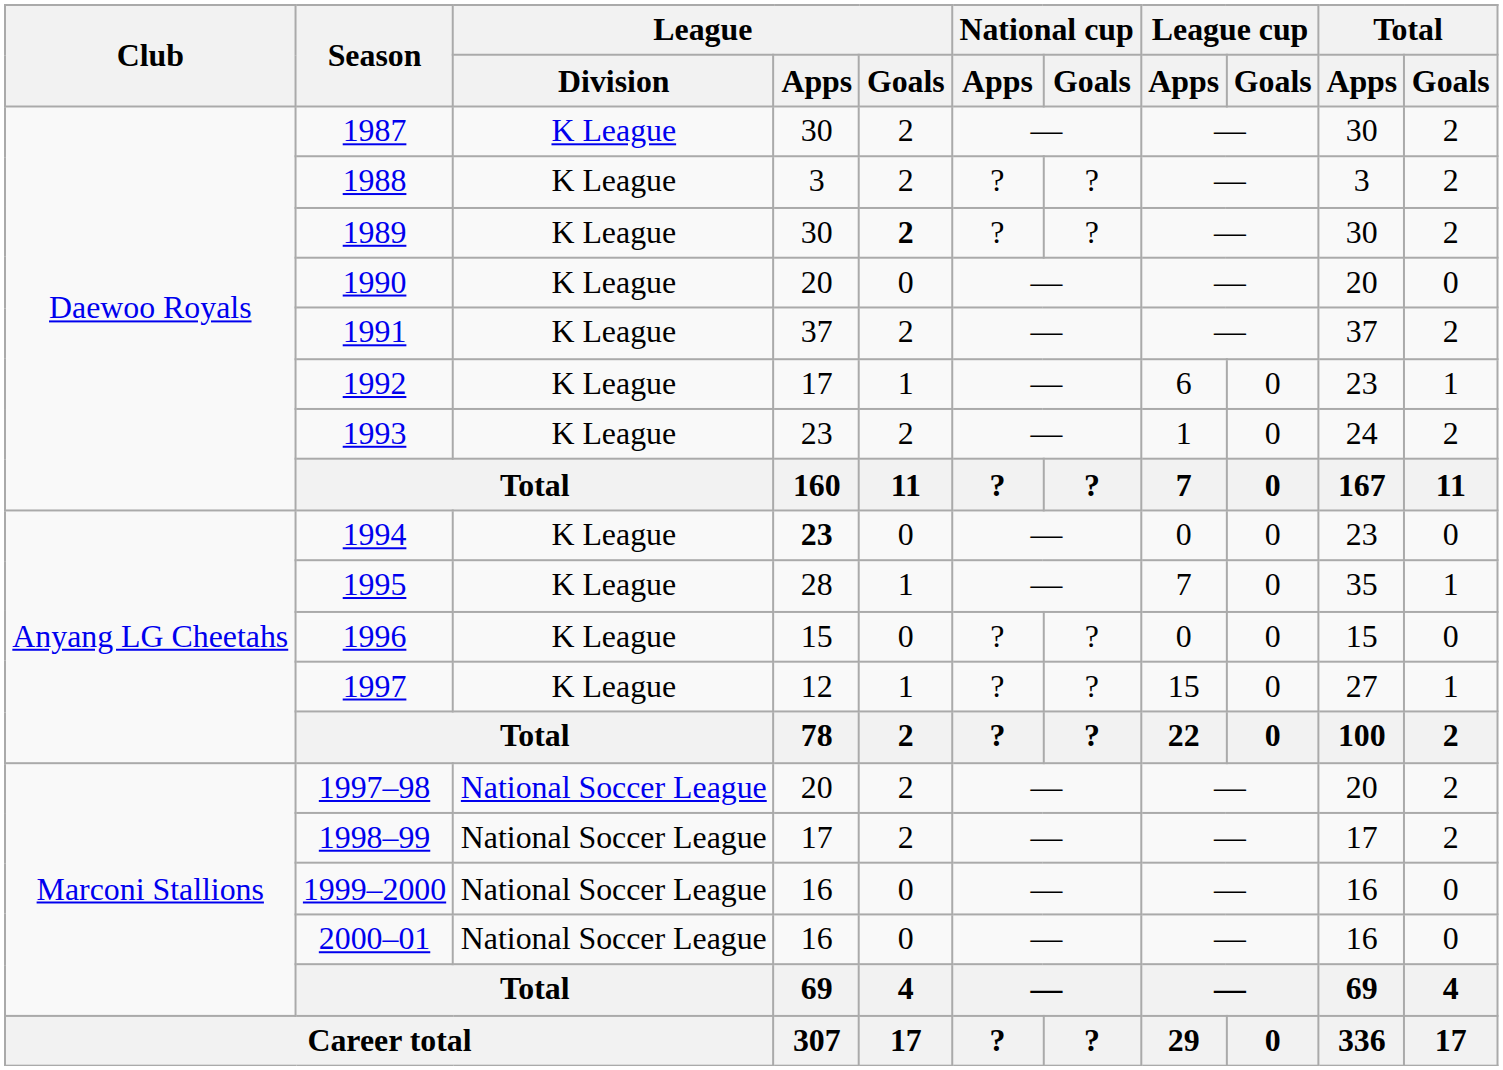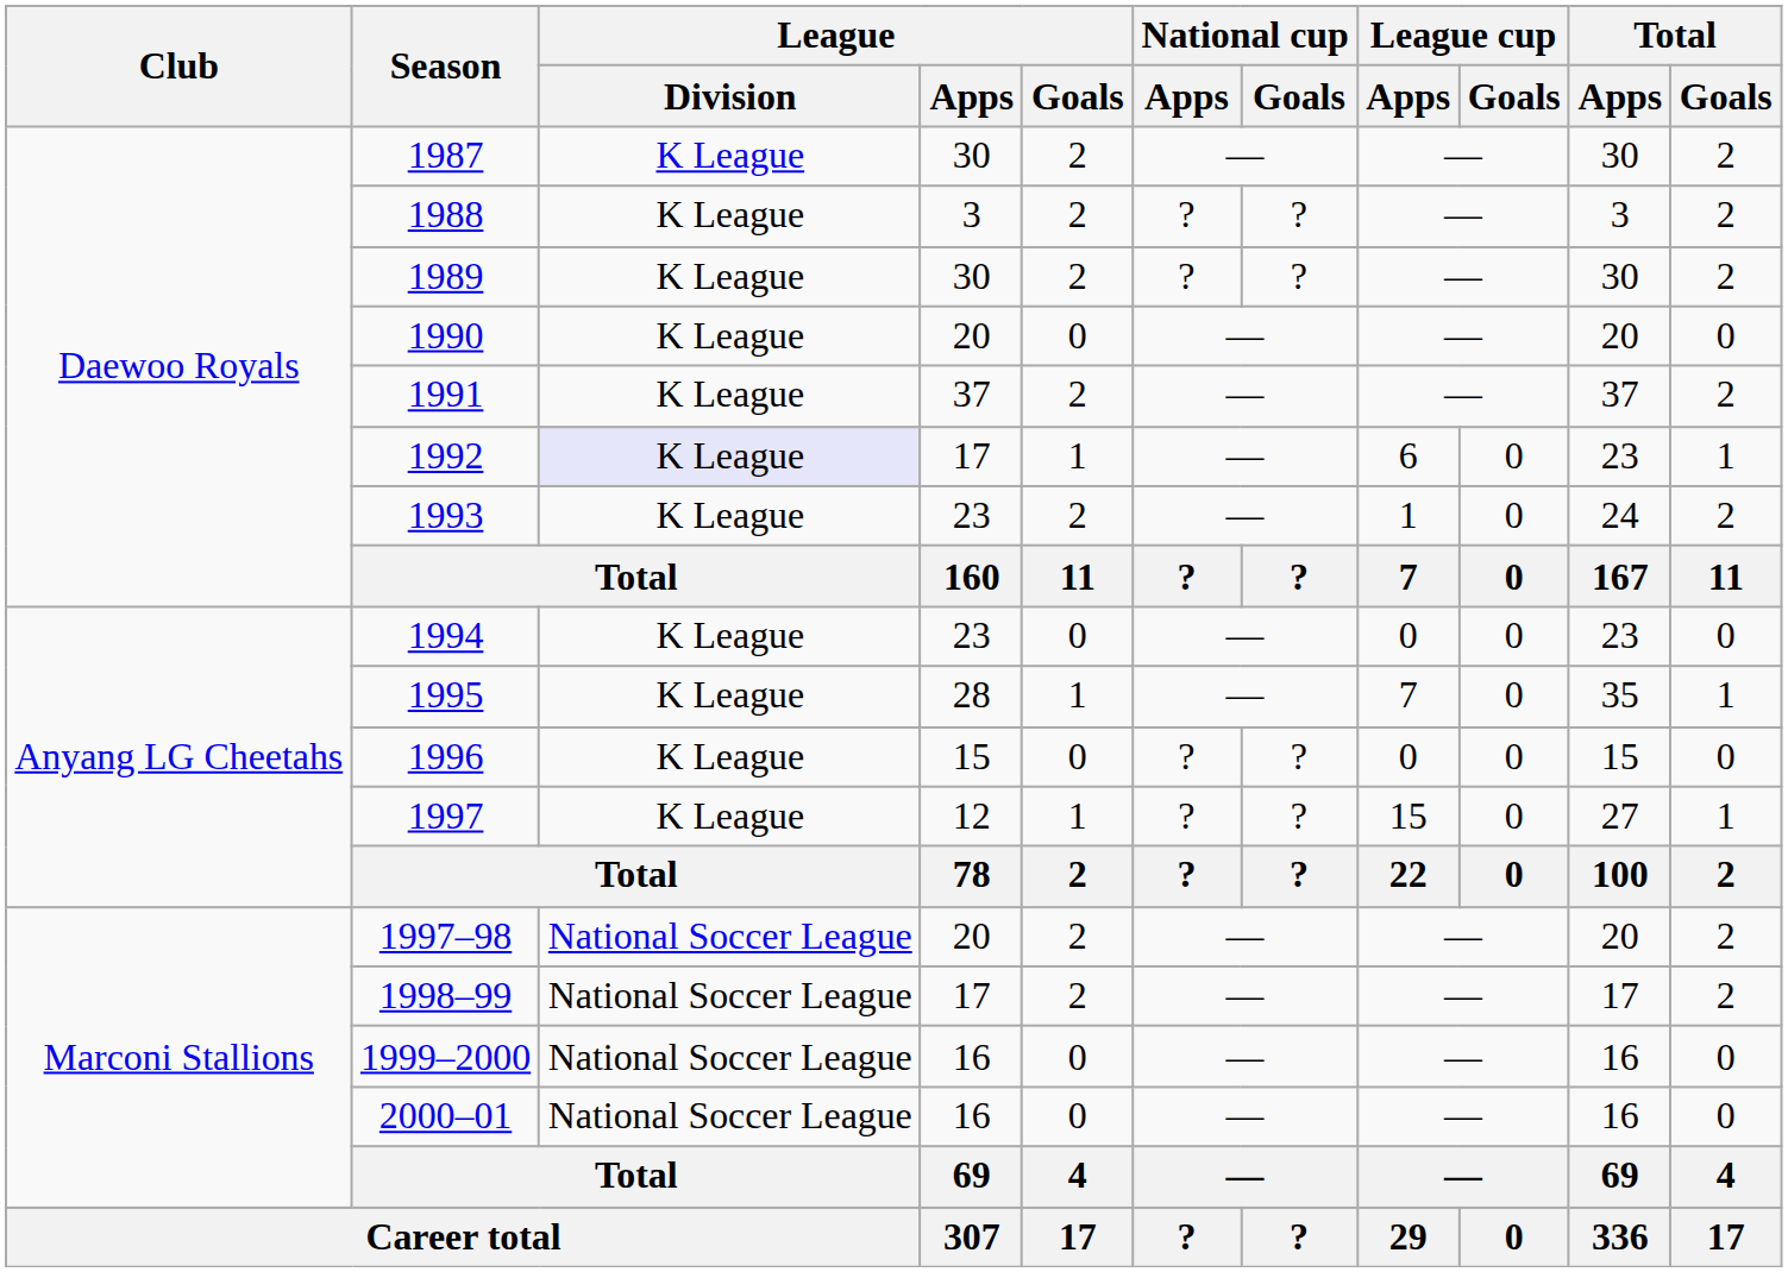 <table class="wikitable" style="text-align:center">
 <tr>
 <th rowspan=2>Club</th>
 <th rowspan=2>Season</th>
 <th colspan=3>League</th>
 <th colspan=2>National cup</th>
 <th colspan=2>League cup</th>
 <th colspan=2>Total</th>
 </tr>
 <tr>
 <th>Division</th>
 <th>Apps</th>
 <th>Goals</th>
 <th>Apps</th>
 <th>Goals</th>
 <th>Apps</th>
 <th>Goals</th>
 <th>Apps</th>
 <th>Goals</th>
 </tr>
 <tr>
 <td rowspan="8"><a href='#'>Daewoo Royals</a></td>
 <td><a href='#'>1987</a></td>
 <td><a href='#'>K League</a></td>
 <td>30</td>
 <td>2</td>
 <td colspan="2">—</td>
 <td colspan="2">—</td>
 <td>30</td>
 <td>2</td>
 </tr>
 <tr>
 <td><a href='#'>1988</a></td>
 <td>K League</td>
 <td>3</td>
 <td>2</td>
 <td>?</td>
 <td>?</td>
 <td colspan="2">—</td>
 <td>3</td>
 <td>2</td>
 </tr>
 <tr>
 <td><a href='#'>1989</a></td>
 <td>K League</td>
 <td>30</td>
-<td><strong>2</strong></td>
+<td>2</td>
 <td>?</td>
 <td>?</td>
 <td colspan="2">—</td>
 <td>30</td>
 <td>2</td>
 </tr>
 <tr>
 <td><a href='#'>1990</a></td>
 <td>K League</td>
 <td>20</td>
 <td>0</td>
 <td colspan="2">—</td>
 <td colspan="2">—</td>
 <td>20</td>
 <td>0</td>
 </tr>
 <tr>
 <td><a href='#'>1991</a></td>
 <td>K League</td>
 <td>37</td>
 <td>2</td>
 <td colspan="2">—</td>
 <td colspan="2">—</td>
 <td>37</td>
 <td>2</td>
 </tr>
 <tr>
 <td><a href='#'>1992</a></td>
-<td>K League</td>
+<td style="background: lavender;">K League</td>
 <td>17</td>
 <td>1</td>
 <td colspan="2">—</td>
 <td>6</td>
 <td>0</td>
 <td>23</td>
 <td>1</td>
 </tr>
 <tr>
 <td><a href='#'>1993</a></td>
 <td>K League</td>
 <td>23</td>
 <td>2</td>
 <td colspan="2">—</td>
 <td>1</td>
 <td>0</td>
 <td>24</td>
 <td>2</td>
 </tr>
 <tr>
 <th colspan=2>Total</th>
 <th>160</th>
 <th>11</th>
 <th>?</th>
 <th>?</th>
 <th>7</th>
 <th>0</th>
 <th>167</th>
 <th>11</th>
 </tr>
 <tr>
 <td rowspan="5"><a href='#'>Anyang LG Cheetahs</a></td>
 <td><a href='#'>1994</a></td>
 <td>K League</td>
-<td><strong>23</strong></td>
+<td>23</td>
 <td>0</td>
 <td colspan="2">—</td>
 <td>0</td>
 <td>0</td>
 <td>23</td>
 <td>0</td>
 </tr>
 <tr>
 <td><a href='#'>1995</a></td>
 <td>K League</td>
 <td>28</td>
 <td>1</td>
 <td colspan="2">—</td>
 <td>7</td>
 <td>0</td>
 <td>35</td>
 <td>1</td>
 </tr>
 <tr>
 <td><a href='#'>1996</a></td>
 <td>K League</td>
 <td>15</td>
 <td>0</td>
 <td>?</td>
 <td>?</td>
 <td>0</td>
 <td>0</td>
 <td>15</td>
 <td>0</td>
 </tr>
 <tr>
 <td><a href='#'>1997</a></td>
 <td>K League</td>
 <td>12</td>
 <td>1</td>
 <td>?</td>
 <td>?</td>
 <td>15</td>
 <td>0</td>
 <td>27</td>
 <td>1</td>
 </tr>
 <tr>
 <th colspan=2>Total</th>
 <th>78</th>
 <th>2</th>
 <th>?</th>
 <th>?</th>
 <th>22</th>
 <th>0</th>
 <th>100</th>
 <th>2</th>
 </tr>
 <tr>
 <td rowspan="5"><a href='#'>Marconi Stallions</a></td>
 <td><a href='#'>1997–98</a></td>
 <td><a href='#'>National Soccer League</a></td>
 <td>20</td>
 <td>2</td>
 <td colspan="2">—</td>
 <td colspan="2">—</td>
 <td>20</td>
 <td>2</td>
 </tr>
 <tr>
 <td><a href='#'>1998–99</a></td>
 <td>National Soccer League</td>
 <td>17</td>
 <td>2</td>
 <td colspan="2">—</td>
 <td colspan="2">—</td>
 <td>17</td>
 <td>2</td>
 </tr>
 <tr>
 <td><a href='#'>1999–2000</a></td>
 <td>National Soccer League</td>
 <td>16</td>
 <td>0</td>
 <td colspan="2">—</td>
 <td colspan="2">—</td>
 <td>16</td>
 <td>0</td>
 </tr>
 <tr>
 <td><a href='#'>2000–01</a></td>
 <td>National Soccer League</td>
 <td>16</td>
 <td>0</td>
 <td colspan="2">—</td>
 <td colspan="2">—</td>
 <td>16</td>
 <td>0</td>
 </tr>
 <tr>
 <th colspan=2>Total</th>
 <th>69</th>
 <th>4</th>
 <th colspan="2">—</th>
 <th colspan="2">—</th>
 <th>69</th>
 <th>4</th>
 </tr>
 <tr>
 <th colspan=3>Career total</th>
 <th>307</th>
 <th>17</th>
 <th>?</th>
 <th>?</th>
 <th>29</th>
 <th>0</th>
 <th>336</th>
 <th>17</th>
 </tr>
 </table>
